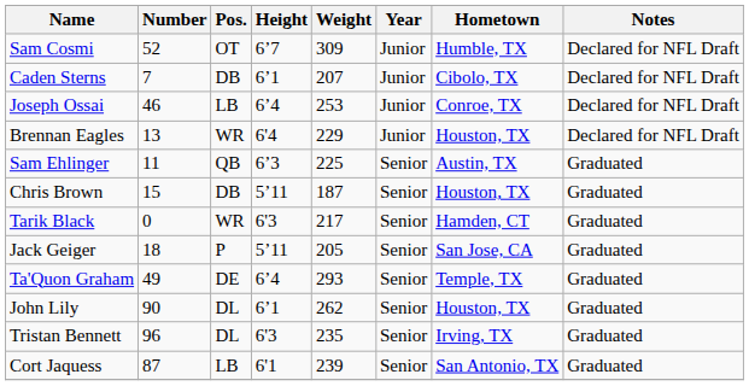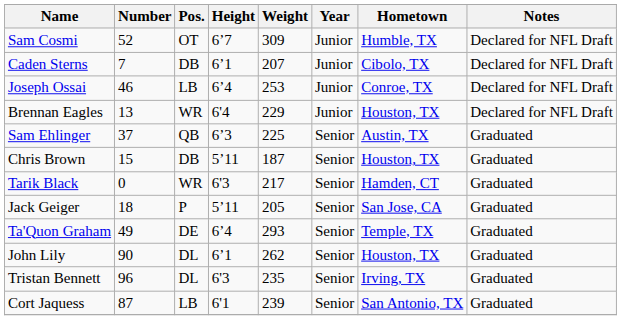 <table class="wikitable sortable collapsible">
 <tr>
 </tr>
 <tr>
 <th style="text-align:center; ">Name</th>
 <th style="text-align:center; ">Number</th>
 <th style="text-align:center; ">Pos.</th>
 <th style="text-align:center; ">Height</th>
 <th style="text-align:center; ">Weight</th>
 <th style="text-align:center; ">Year</th>
 <th style="text-align:center; ">Hometown</th>
 <th style="text-align:center; ">Notes</th>
 </tr>
 <tr>
 <td><a href='#'>Sam Cosmi</a></td>
 <td>52</td>
 <td>OT</td>
 <td>6’7</td>
 <td>309</td>
 <td>Junior</td>
 <td><a href='#'>Humble, TX</a></td>
 <td>Declared for NFL Draft</td>
 </tr>
 <tr>
 <td><a href='#'>Caden Sterns</a></td>
 <td>7</td>
 <td>DB</td>
 <td>6’1</td>
 <td>207</td>
 <td>Junior</td>
 <td><a href='#'>Cibolo, TX</a></td>
 <td>Declared for NFL Draft</td>
 </tr>
 <tr>
 <td><a href='#'>Joseph Ossai</a></td>
 <td>46</td>
 <td>LB</td>
 <td>6’4</td>
 <td>253</td>
 <td>Junior</td>
 <td><a href='#'>Conroe, TX</a></td>
 <td>Declared for NFL Draft</td>
 </tr>
 <tr>
 <td>Brennan Eagles</td>
 <td>13</td>
 <td>WR</td>
 <td>6'4</td>
 <td>229</td>
 <td>Junior</td>
 <td><a href='#'>Houston, TX</a></td>
 <td>Declared for NFL Draft</td>
 </tr>
 <tr>
 <td><a href='#'>Sam Ehlinger</a></td>
-<td>11</td>
+<td>37</td>
 <td>QB</td>
 <td>6’3</td>
 <td>225</td>
 <td>Senior</td>
 <td><a href='#'>Austin, TX</a></td>
 <td>Graduated</td>
 </tr>
 <tr>
 <td>Chris Brown</td>
 <td>15</td>
 <td>DB</td>
 <td>5’11</td>
 <td>187</td>
 <td>Senior</td>
 <td><a href='#'>Houston, TX</a></td>
 <td>Graduated</td>
 </tr>
 <tr>
 <td><a href='#'>Tarik Black</a></td>
 <td>0</td>
 <td>WR</td>
 <td>6'3</td>
 <td>217</td>
 <td>Senior</td>
 <td><a href='#'>Hamden, CT</a></td>
 <td>Graduated</td>
 </tr>
 <tr>
 <td>Jack Geiger</td>
 <td>18</td>
 <td>P</td>
 <td>5’11</td>
 <td>205</td>
 <td>Senior</td>
 <td><a href='#'>San Jose, CA</a></td>
 <td>Graduated</td>
 </tr>
 <tr>
 <td><a href='#'>Ta'Quon Graham</a></td>
 <td>49</td>
 <td>DE</td>
 <td>6’4</td>
 <td>293</td>
 <td>Senior</td>
 <td><a href='#'>Temple, TX</a></td>
 <td>Graduated</td>
 </tr>
 <tr>
 <td>John Lily</td>
 <td>90</td>
 <td>DL</td>
 <td>6’1</td>
 <td>262</td>
 <td>Senior</td>
 <td><a href='#'>Houston, TX</a></td>
 <td>Graduated</td>
 </tr>
 <tr>
 <td>Tristan Bennett</td>
 <td>96</td>
 <td>DL</td>
 <td>6'3</td>
 <td>235</td>
 <td>Senior</td>
 <td><a href='#'>Irving, TX</a></td>
 <td>Graduated</td>
 </tr>
 <tr>
 <td>Cort Jaquess</td>
 <td>87</td>
 <td>LB</td>
 <td>6'1</td>
 <td>239</td>
 <td>Senior</td>
 <td><a href='#'>San Antonio, TX</a></td>
 <td>Graduated</td>
 </tr>
 <tr>
 </tr>
 </table>
